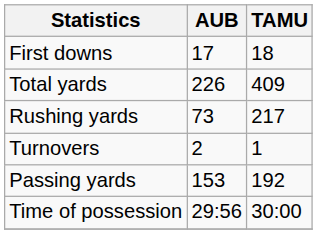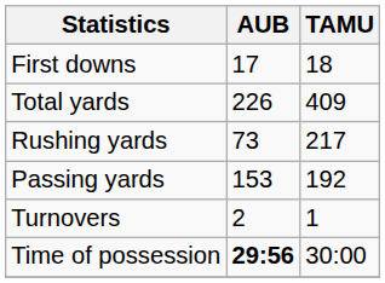 <table class="wikitable" style="float: left;">
 <tr>
 <th>Statistics</th>
 <th>AUB</th>
 <th>TAMU</th>
 </tr>
 <tr>
 <td>First downs</td>
 <td>17</td>
 <td>18</td>
 </tr>
 <tr>
 <td>Total yards</td>
 <td>226</td>
 <td>409</td>
 </tr>
 <tr>
 <td>Rushing yards</td>
 <td>73</td>
 <td>217</td>
 </tr>
 <tr>
+<td>Passing yards</td>
+<td>153</td>
+<td>192</td>
+</tr>
+<tr>
 <td>Turnovers</td>
 <td>2</td>
 <td>1</td>
 </tr>
 <tr>
-<td>Passing yards</td>
-<td>153</td>
-<td>192</td>
-</tr>
-<tr>
 <td>Time of possession</td>
-<td>29:56</td>
+<td><strong>29:56</strong></td>
 <td>30:00</td>
 </tr>
 <tr>
 </tr>
 </table>
